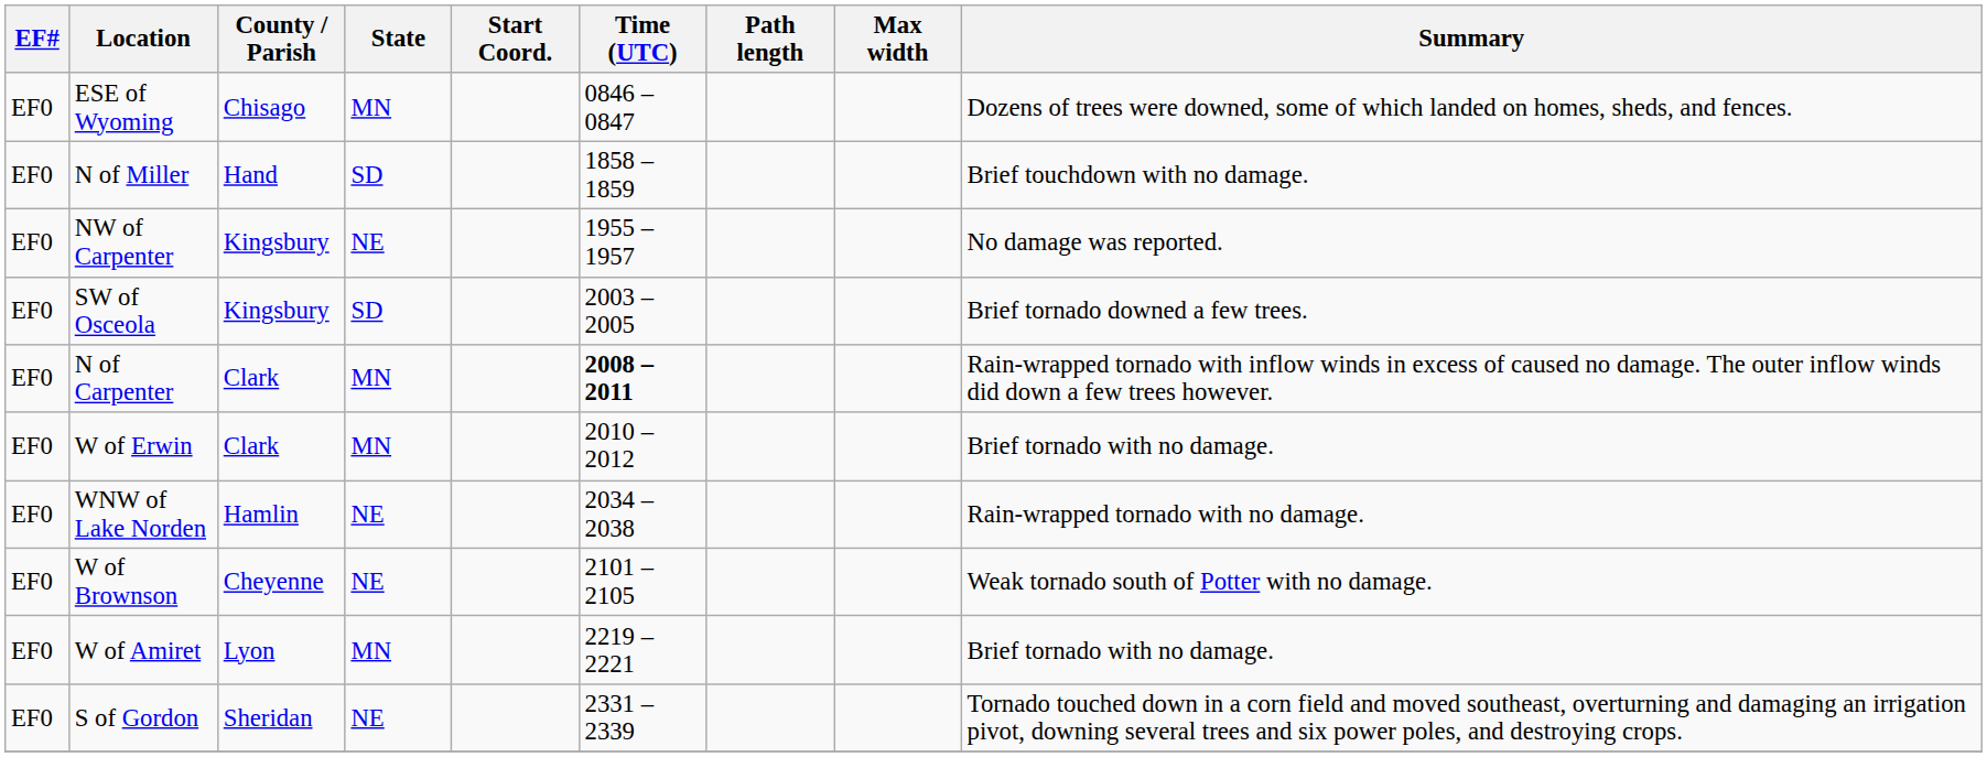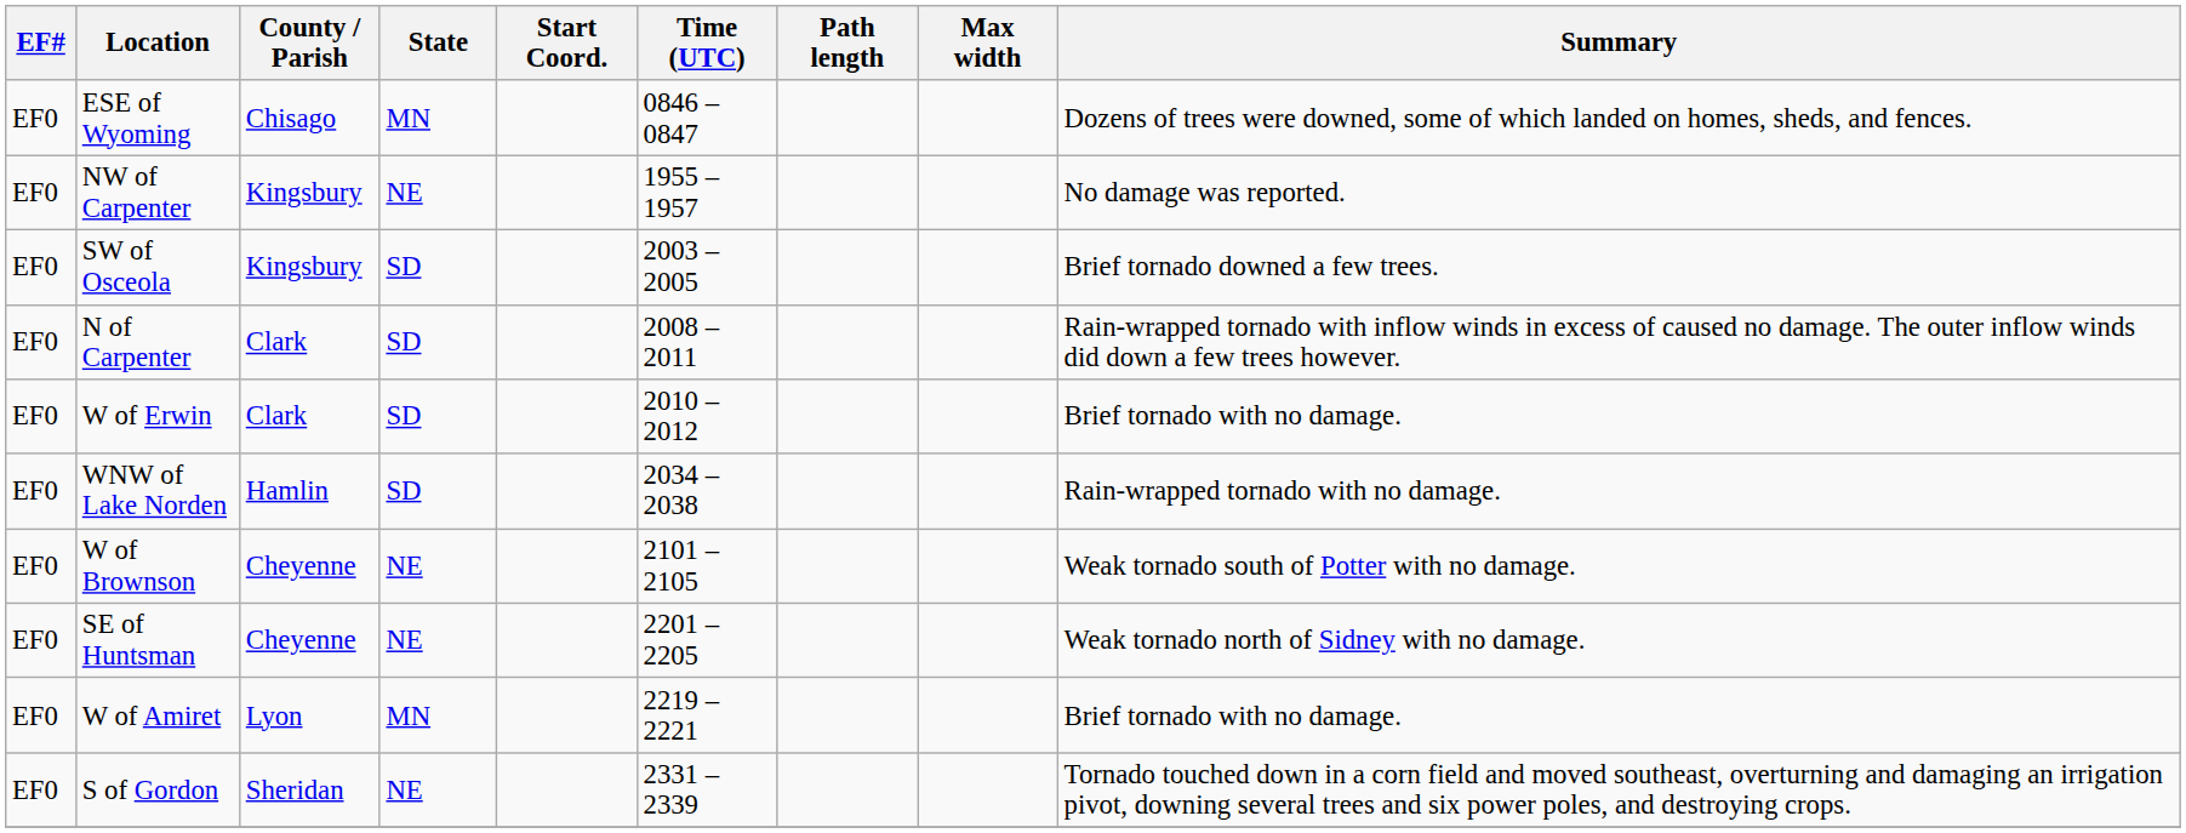 <table class="wikitable sortable" style="width:100%;">
 <tr>
 <th scope="col" width="3%" align="center"><a href='#'>EF#</a></th>
 <th scope="col" width="7%" align="center" class="unsortable">Location</th>
 <th scope="col" width="6%" align="center" class="unsortable">County / Parish</th>
 <th scope="col" width="5%" align="center">State</th>
 <th scope="col" width="6%" align="center">Start Coord.</th>
 <th scope="col" width="6%" align="center">Time (<a href='#'>UTC</a>)</th>
 <th scope="col" width="6%" align="center">Path length</th>
 <th scope="col" width="6%" align="center">Max width</th>
 <th scope="col" width="48%" class="unsortable" align="center">Summary</th>
 </tr>
 <tr>
 <td>EF0</td>
 <td>ESE of <a href='#'>Wyoming</a></td>
 <td><a href='#'>Chisago</a></td>
 <td><a href='#'>MN</a></td>
 <td></td>
 <td>0846 – 0847</td>
 <td></td>
 <td></td>
 <td>Dozens of trees were downed, some of which landed on homes, sheds, and fences.</td>
-</tr>
-<tr>
-<td>EF0</td>
-<td>N of <a href='#'>Miller</a></td>
-<td><a href='#'>Hand</a></td>
-<td><a href='#'>SD</a></td>
-<td></td>
-<td>1858 – 1859</td>
-<td></td>
-<td></td>
-<td>Brief touchdown with no damage.</td>
 </tr>
 <tr>
 <td>EF0</td>
 <td>NW of <a href='#'>Carpenter</a></td>
 <td><a href='#'>Kingsbury</a></td>
 <td><a href='#'>NE</a></td>
 <td></td>
 <td>1955 – 1957</td>
 <td></td>
 <td></td>
 <td>No damage was reported.</td>
 </tr>
 <tr>
 <td>EF0</td>
 <td>SW of <a href='#'>Osceola</a></td>
 <td><a href='#'>Kingsbury</a></td>
 <td><a href='#'>SD</a></td>
 <td></td>
 <td>2003 – 2005</td>
 <td></td>
 <td></td>
 <td>Brief tornado downed a few trees.</td>
 </tr>
 <tr>
 <td>EF0</td>
 <td>N of <a href='#'>Carpenter</a></td>
 <td><a href='#'>Clark</a></td>
-<td><a href='#'>MN</a></td>
+<td><a href='#'>SD</a></td>
 <td></td>
-<td><strong>2008 – 2011</strong></td>
+<td>2008 – 2011</td>
 <td></td>
 <td></td>
 <td>Rain-wrapped tornado with inflow winds in excess of  caused no damage. The outer inflow winds did down a few trees however.</td>
 </tr>
 <tr>
 <td>EF0</td>
 <td>W of <a href='#'>Erwin</a></td>
 <td><a href='#'>Clark</a></td>
-<td><a href='#'>MN</a></td>
+<td><a href='#'>SD</a></td>
 <td></td>
 <td>2010 – 2012</td>
 <td></td>
 <td></td>
 <td>Brief tornado with no damage.</td>
 </tr>
 <tr>
 <td>EF0</td>
 <td>WNW of <a href='#'>Lake Norden</a></td>
 <td><a href='#'>Hamlin</a></td>
-<td><a href='#'>NE</a></td>
+<td><a href='#'>SD</a></td>
 <td></td>
 <td>2034 – 2038</td>
 <td></td>
 <td></td>
 <td>Rain-wrapped tornado with no damage.</td>
 </tr>
 <tr>
 <td>EF0</td>
 <td>W of <a href='#'>Brownson</a></td>
 <td><a href='#'>Cheyenne</a></td>
 <td><a href='#'>NE</a></td>
 <td></td>
 <td>2101 – 2105</td>
 <td></td>
 <td></td>
 <td>Weak tornado south of <a href='#'>Potter</a> with no damage.</td>
+</tr>
+<tr>
+<td>EF0</td>
+<td>SE of <a href='#'>Huntsman</a></td>
+<td><a href='#'>Cheyenne</a></td>
+<td><a href='#'>NE</a></td>
+<td></td>
+<td>2201 – 2205</td>
+<td></td>
+<td></td>
+<td>Weak tornado north of <a href='#'>Sidney</a> with no damage.</td>
 </tr>
 <tr>
 <td>EF0</td>
 <td>W of <a href='#'>Amiret</a></td>
 <td><a href='#'>Lyon</a></td>
 <td><a href='#'>MN</a></td>
 <td></td>
 <td>2219 – 2221</td>
 <td></td>
 <td></td>
 <td>Brief tornado with no damage.</td>
 </tr>
 <tr>
 <td>EF0</td>
 <td>S of <a href='#'>Gordon</a></td>
 <td><a href='#'>Sheridan</a></td>
 <td><a href='#'>NE</a></td>
 <td></td>
 <td>2331 – 2339</td>
 <td></td>
 <td></td>
 <td>Tornado touched down in a corn field and moved southeast, overturning and damaging an irrigation pivot, downing several trees and six power poles, and destroying crops.</td>
 </tr>
 <tr>
 </tr>
 </table>
